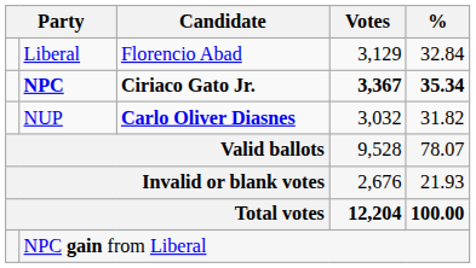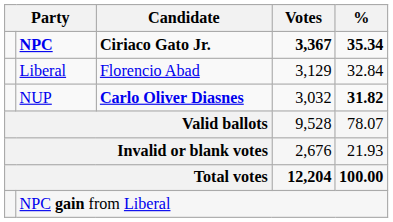 <table class="wikitable" style="font-size:90%; text-align:right;">
 <tr>
 <th colspan="2" style="width:75px;">Party</th>
 <th style="width:150px;">Candidate</th>
 <th style="width:50px;">Votes</th>
 <th style="width:10px;">%</th>
+</tr>
+<tr>
+<td style="background:"></td>
+<td style="text-align:left;"><strong><a href='#'>NPC</a></strong></td>
+<td style="text-align:left;"><strong>Ciriaco Gato Jr.</strong></td>
+<td><strong>3,367</strong></td>
+<td><strong>35.34</strong></td>
 </tr>
 <tr>
 <td style="background:"></td>
 <td style="text-align:left;"><a href='#'>Liberal</a></td>
 <td style="text-align:left;"><a href='#'>Florencio Abad</a></td>
 <td>3,129</td>
 <td>32.84</td>
 </tr>
 <tr>
 <td style="background:"></td>
-<td style="text-align:left;"><strong><a href='#'>NPC</a></strong></td>
-<td style="text-align:left;"><strong>Ciriaco Gato Jr.</strong></td>
-<td><strong>3,367</strong></td>
-<td><strong>35.34</strong></td>
-</tr>
-<tr>
-<td style="background:"></td>
 <td style="text-align:left;"><a href='#'>NUP</a></td>
 <td style="text-align:left;"><strong><a href='#'>Carlo Oliver Diasnes</a></strong></td>
 <td>3,032</td>
-<td>31.82</td>
+<td><strong>31.82</strong></td>
 </tr>
 <tr style="background-color:#F6F6F6">
 <th colspan="3" style="text-align:right;">Valid ballots</th>
 <td>9,528</td>
 <td>78.07</td>
 </tr>
 <tr style="background-color:#F6F6F6">
 <th colspan="3" style="text-align:right;">Invalid or blank votes</th>
 <td>2,676</td>
 <td>21.93</td>
 </tr>
 <tr style="background-color:#F6F6F6">
 <th colspan="3" style="text-align:right;">Total votes</th>
 <td><strong>12,204</strong></td>
 <td><strong>100.00</strong></td>
 </tr>
 <tr style="background-color:#F6F6F6">
 <td style="background:"></td>
 <td colspan="4" style="text-align:left;"><a href='#'>NPC</a> <strong>gain</strong> from <a href='#'>Liberal</a></td>
 </tr>
 </table>
